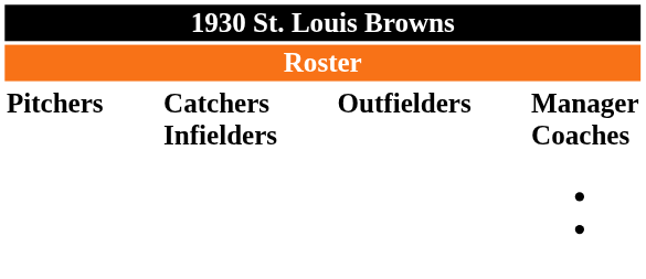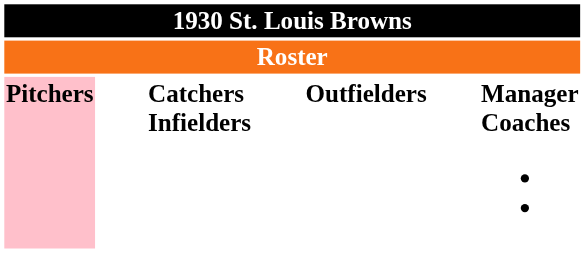 <table class="toccolours" style="font-size: 95%;">
 <tr>
 <th colspan="10" style="background-color: black; color: white; text-align: center;">1930 St. Louis Browns</th>
 </tr>
 <tr>
 <td colspan="10" style="background-color: #F87217; color: white; text-align: center;"><strong>Roster</strong></td>
 </tr>
 <tr>
-<td valign="top"><strong>Pitchers</strong><br>         </td>
+<td valign="top" style="background: pink;"><strong>Pitchers</strong><br>         </td>
 <td width="25px"></td>
 <td valign="top"><strong>Catchers</strong><br>    <strong>Infielders</strong>         </td>
 <td width="25px"></td>
 <td valign="top"><strong>Outfielders</strong><br>       </td>
 <td width="25px"></td>
 <td valign="top"><strong>Manager</strong><br> <strong>Coaches</strong><ul><li></li><li></li></ul></td>
 </tr>
 <tr>
 </tr>
 </table>
